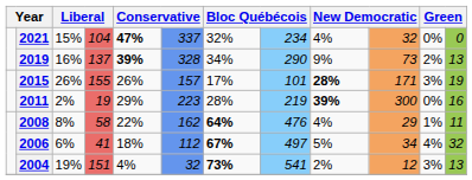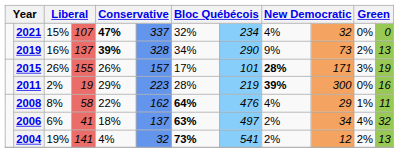 <table class="wikitable" style="float:right; width:400; font-size:90%; margin-left:1em;">
 <tr>
 <th colspan="2" scope="col">Year</th>
 <th colspan="2" scope="col"><a href='#'>Liberal</a></th>
 <th colspan="2" scope="col"><a href='#'>Conservative</a></th>
 <th colspan="2" scope="col"><a href='#'>Bloc Québécois</a></th>
 <th colspan="2" scope="col"><a href='#'>New Democratic</a></th>
 <th colspan="2" scope="col"><a href='#'>Green</a></th>
 </tr>
 <tr>
 <td rowspan="2" style="width: 0.25em; background-color: "></td>
 <th><a href='#'>2021</a></th>
 <td>15%</td>
-<td style="text-align:right; background:#EA6D6A;"><em>104</em></td>
+<td style="text-align:right; background:#EA6D6A;"><em>107</em></td>
 <td><strong>47%</strong></td>
 <td style="text-align:right; background:#6495ED;"><em>337</em></td>
 <td>32%</td>
 <td style="text-align:right; background:#87CEFA;"><em>234</em></td>
 <td>4%</td>
 <td style="text-align:right; background:#F4A460;"><em>32</em></td>
 <td>0%</td>
 <td style="text-align:right; background:#99C955;"><em>0</em></td>
 </tr>
 <tr>
 <th><a href='#'>2019</a></th>
 <td>16%</td>
 <td style="text-align:right; background:#EA6D6A;"><em>137</em></td>
 <td><strong>39%</strong></td>
 <td style="text-align:right; background:#6495ED;"><em>328</em></td>
 <td>34%</td>
 <td style="text-align:right; background:#87CEFA;"><em>290</em></td>
 <td>9%</td>
 <td style="text-align:right; background:#F4A460;"><em>73</em></td>
 <td>2%</td>
 <td style="text-align:right; background:#99C955;"><em>13</em></td>
 </tr>
 <tr>
 <td rowspan="2" style="width: 0.25em; background-color: "></td>
 <th><a href='#'>2015</a></th>
 <td>26%</td>
 <td style="text-align:right; background:#EA6D6A;"><em>155</em></td>
 <td>26%</td>
 <td style="text-align:right; background:#6495ED;"><em>157</em></td>
 <td>17%</td>
 <td style="text-align:right; background:#87CEFA;"><em>101</em></td>
 <td><strong>28%</strong></td>
 <td style="text-align:right; background:#F4A460;"><em>171</em></td>
 <td>3%</td>
 <td style="text-align:right; background:#99C955;"><em>19</em></td>
 </tr>
 <tr>
 <th><a href='#'>2011</a></th>
 <td>2%</td>
 <td style="text-align:right; background:#EA6D6A;"><em>19</em></td>
 <td>29%</td>
 <td style="text-align:right; background:#6495ED;"><em>223</em></td>
 <td>28%</td>
 <td style="text-align:right; background:#87CEFA;"><em>219</em></td>
 <td><strong>39%</strong></td>
 <td style="text-align:right; background:#F4A460;"><em>300</em></td>
 <td>0%</td>
 <td style="text-align:right; background:#99C955;"><em>16</em></td>
 </tr>
 <tr>
 <td rowspan="3" style="width: 0.25em; background-color: "></td>
 <th><a href='#'>2008</a></th>
 <td>8%</td>
 <td style="text-align:right; background:#EA6D6A;"><em>58</em></td>
 <td>22%</td>
 <td style="text-align:right; background:#6495ED;"><em>162</em></td>
 <td><strong>64%</strong></td>
 <td style="text-align:right; background:#87CEFA;"><em>476</em></td>
 <td>4%</td>
 <td style="text-align:right; background:#F4A460;"><em>29</em></td>
 <td>1%</td>
 <td style="text-align:right; background:#99C955;"><em>11</em></td>
 </tr>
 <tr>
 <th><a href='#'>2006</a></th>
 <td>6%</td>
 <td style="text-align:right; background:#EA6D6A;"><em>41</em></td>
 <td>18%</td>
-<td style="text-align:right; background:#6495ED;"><em>112</em></td>
-<td><strong>67%</strong></td>
+<td style="text-align:right; background:#6495ED;"><em>137</em></td>
+<td><strong>63%</strong></td>
 <td style="text-align:right; background:#87CEFA;"><em>497</em></td>
-<td>5%</td>
+<td>2%</td>
 <td style="text-align:right; background:#F4A460;"><em>34</em></td>
 <td>4%</td>
 <td style="text-align:right; background:#99C955;"><em>32</em></td>
 </tr>
 <tr>
 <th><a href='#'>2004</a></th>
 <td>19%</td>
-<td style="text-align:right; background:#EA6D6A;"><em>151</em></td>
+<td style="text-align:right; background:#EA6D6A;"><em>141</em></td>
 <td>4%</td>
 <td style="text-align:right; background:#6495ED;"><em>32</em></td>
 <td><strong>73%</strong></td>
 <td style="text-align:right; background:#87CEFA;"><em>541</em></td>
 <td>2%</td>
 <td style="text-align:right; background:#F4A460;"><em>12</em></td>
-<td>3%</td>
+<td>2%</td>
 <td style="text-align:right; background:#99C955;"><em>13</em></td>
 </tr>
 <tr>
 </tr>
 </table>
